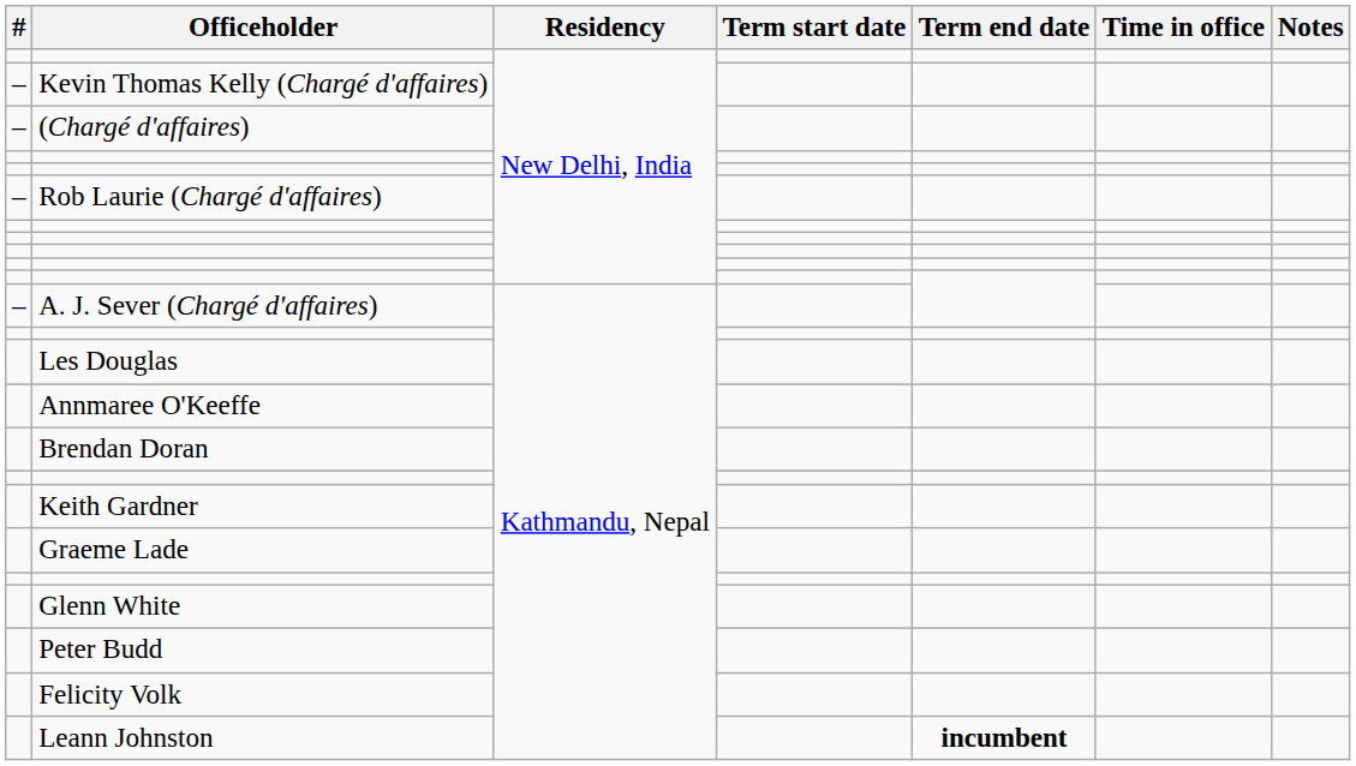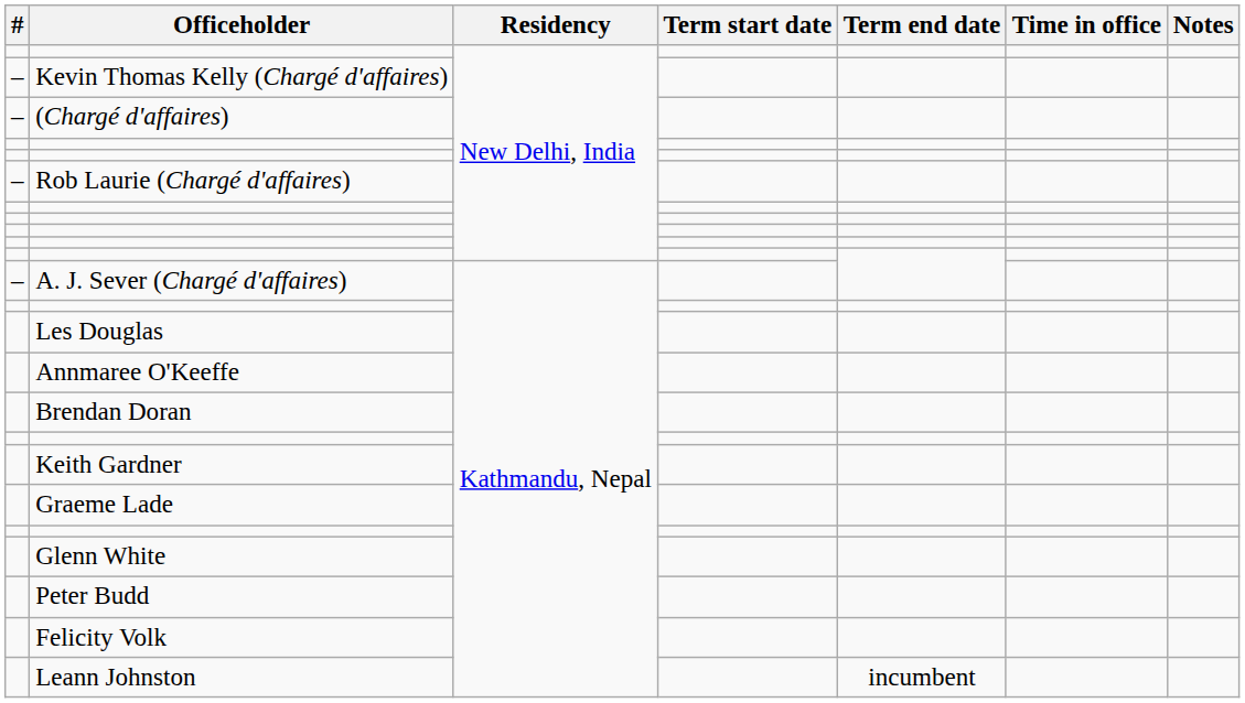 <table class='wikitable sortable'>
 <tr>
 <th>#</th>
 <th>Officeholder</th>
 <th>Residency</th>
 <th>Term start date</th>
 <th>Term end date</th>
 <th>Time in office</th>
 <th>Notes</th>
 </tr>
 <tr>
 <td align=center></td>
 <td></td>
 <td rowspan=11><a href='#'>New Delhi</a>, <a href='#'>India</a></td>
 <td align=center></td>
 <td align=center></td>
 <td align=right></td>
 <td></td>
 </tr>
 <tr>
 <td align=center>–</td>
 <td>Kevin Thomas Kelly (<em>Chargé d'affaires</em>)</td>
 <td align=center></td>
 <td align=center></td>
 <td align=right></td>
 <td></td>
 </tr>
 <tr>
 <td align=center>–</td>
 <td> (<em>Chargé d'affaires</em>)</td>
 <td align=center></td>
 <td align=center></td>
 <td align=right></td>
 <td></td>
 </tr>
 <tr>
 <td align=center></td>
 <td></td>
 <td align=center></td>
 <td align=center></td>
 <td align=right></td>
 <td></td>
 </tr>
 <tr>
 <td align=center></td>
 <td></td>
 <td align=center></td>
 <td align=center></td>
 <td align=right></td>
 <td></td>
 </tr>
 <tr>
 <td align=center>–</td>
 <td>Rob Laurie (<em>Chargé d'affaires</em>)</td>
 <td align=center></td>
 <td align=center></td>
 <td align=right></td>
 <td></td>
 </tr>
 <tr>
 <td align=center></td>
 <td></td>
 <td align=center></td>
 <td align=center></td>
 <td align=right></td>
 <td></td>
 </tr>
 <tr>
 <td align=center></td>
 <td></td>
 <td align=center></td>
 <td align=center></td>
 <td align=right></td>
 <td></td>
 </tr>
 <tr>
 <td align=center></td>
 <td></td>
 <td align=center></td>
 <td align=center></td>
 <td align=right></td>
 <td></td>
 </tr>
 <tr>
 <td align=center></td>
 <td></td>
 <td align=center></td>
 <td align=center></td>
 <td align=right></td>
 <td></td>
 </tr>
 <tr>
 <td align=center></td>
 <td></td>
 <td align=center></td>
 <td align=center rowspan=2></td>
 <td align=right></td>
 <td></td>
 </tr>
 <tr>
 <td align=center>–</td>
 <td>A. J. Sever (<em>Chargé d'affaires</em>)</td>
 <td rowspan=13><a href='#'>Kathmandu</a>, Nepal</td>
 <td align=center></td>
 <td align=right></td>
 <td></td>
 </tr>
 <tr>
 <td align=center></td>
 <td></td>
 <td align=center></td>
 <td align=center></td>
 <td align=right></td>
 <td></td>
 </tr>
 <tr>
 <td align=center></td>
 <td>Les Douglas</td>
 <td align=center></td>
 <td align=center></td>
 <td align=right></td>
 <td></td>
 </tr>
 <tr>
 <td align=center></td>
 <td>Annmaree O'Keeffe</td>
 <td align=center></td>
 <td align=center></td>
 <td align=right></td>
 <td></td>
 </tr>
 <tr>
 <td align=center></td>
 <td>Brendan Doran</td>
 <td align=center></td>
 <td align=center></td>
 <td align=right></td>
 <td></td>
 </tr>
 <tr>
 <td align=center></td>
 <td></td>
 <td align=center></td>
 <td align=center></td>
 <td align=right></td>
 <td></td>
 </tr>
 <tr>
 <td align=center></td>
 <td>Keith Gardner</td>
 <td align=center></td>
 <td align=center></td>
 <td align=right></td>
 <td></td>
 </tr>
 <tr>
 <td align=center></td>
 <td>Graeme Lade</td>
 <td align=center></td>
 <td align=center></td>
 <td align=right></td>
 <td></td>
 </tr>
 <tr>
 <td align=center></td>
 <td></td>
 <td align=center></td>
 <td align=center></td>
 <td align=right></td>
 <td></td>
 </tr>
 <tr>
 <td align=center></td>
 <td>Glenn White</td>
 <td align=center></td>
 <td align=center></td>
 <td align=right></td>
 <td></td>
 </tr>
 <tr>
 <td align=center></td>
 <td>Peter Budd</td>
 <td align=center></td>
 <td align=center></td>
 <td align=right></td>
 <td></td>
 </tr>
 <tr>
 <td align=center></td>
 <td>Felicity Volk</td>
 <td align=center></td>
 <td align=center></td>
 <td align=right></td>
 <td></td>
 </tr>
 <tr>
 <td align=center></td>
 <td>Leann Johnston</td>
 <td align=center></td>
-<td align=center><strong>incumbent</strong></td>
+<td align=center>incumbent</td>
 <td align=right></td>
 <td></td>
 </tr>
 </table>
